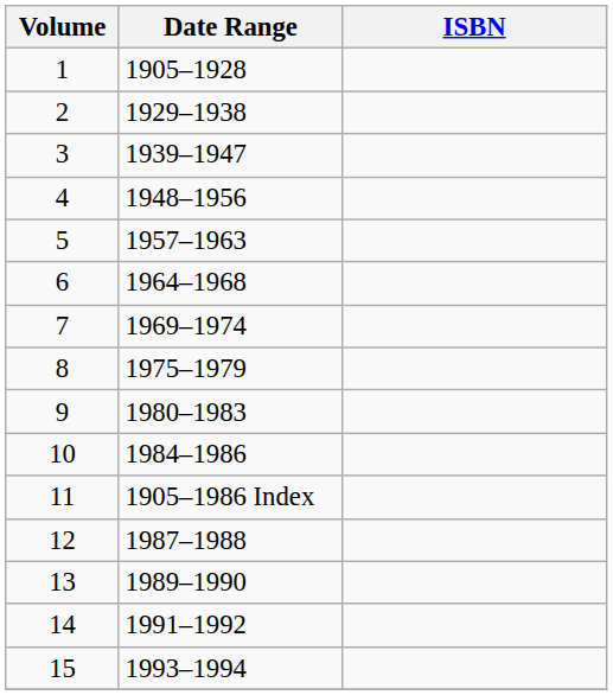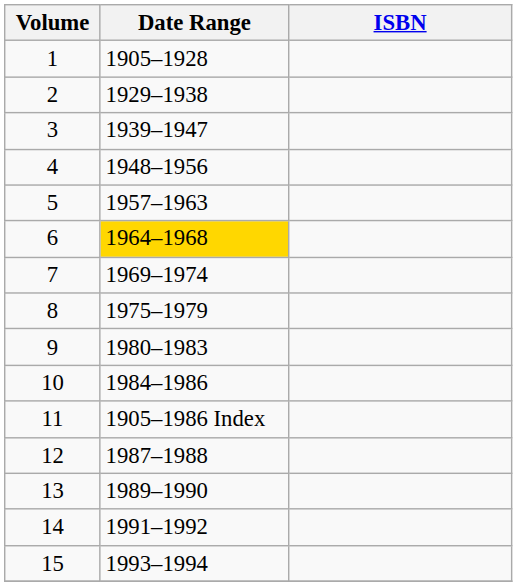 <table class="wikitable">
 <tr>
 <th width="60">Volume</th>
 <th width="125">Date Range</th>
 <th width="150"><a href='#'>ISBN</a></th>
 </tr>
 <tr>
 <td align=center>1</td>
 <td>1905–1928</td>
 <td></td>
 </tr>
 <tr>
 <td align=center>2</td>
 <td>1929–1938</td>
 <td></td>
 </tr>
 <tr>
 <td align=center>3</td>
 <td>1939–1947</td>
 <td></td>
 </tr>
 <tr>
 <td align=center>4</td>
 <td>1948–1956</td>
 <td></td>
 </tr>
 <tr>
 <td align=center>5</td>
 <td>1957–1963</td>
 <td></td>
 </tr>
 <tr>
 <td align=center>6</td>
-<td>1964–1968</td>
+<td style="background: gold;">1964–1968</td>
 <td></td>
 </tr>
 <tr>
 <td align=center>7</td>
 <td>1969–1974</td>
 <td></td>
 </tr>
 <tr>
 <td align=center>8</td>
 <td>1975–1979</td>
 <td></td>
 </tr>
 <tr>
 <td align=center>9</td>
 <td>1980–1983</td>
 <td></td>
 </tr>
 <tr>
 <td align=center>10</td>
 <td>1984–1986</td>
 <td></td>
 </tr>
 <tr>
 <td align=center>11</td>
 <td>1905–1986 Index</td>
 <td></td>
 </tr>
 <tr>
 <td align=center>12</td>
 <td>1987–1988</td>
 <td></td>
 </tr>
 <tr>
 <td align=center>13</td>
 <td>1989–1990</td>
 <td></td>
 </tr>
 <tr>
 <td align=center>14</td>
 <td>1991–1992</td>
 <td></td>
 </tr>
 <tr>
 <td align=center>15</td>
 <td>1993–1994</td>
 <td></td>
 </tr>
 <tr>
 </tr>
 </table>
